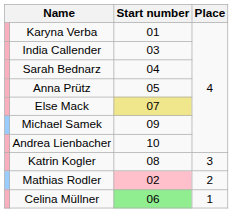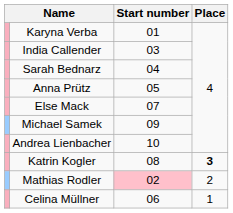 <table class="wikitable sortable" style="text-align:center">
 <tr>
 <th colspan=2>Name</th>
 <th>Start number</th>
 <th>Place</th>
 </tr>
 <tr>
 <td style="background:#faafbe"></td>
 <td>Karyna Verba</td>
 <td>01</td>
 <td rowspan=7>4</td>
 </tr>
 <tr>
 <td style="background:#faafbe"></td>
 <td>India Callender</td>
 <td>03</td>
 </tr>
 <tr>
 <td style="background:#faafbe"></td>
 <td>Sarah Bednarz</td>
 <td>04</td>
 </tr>
 <tr>
 <td style="background:#faafbe"></td>
 <td>Anna Prütz</td>
 <td>05</td>
 </tr>
 <tr>
 <td style="background:#faafbe"></td>
 <td>Else Mack</td>
-<td style="background: khaki;">07</td>
+<td>07</td>
 </tr>
 <tr>
 <td style="background:#9cf;"></td>
 <td>Michael Samek</td>
 <td>09</td>
 </tr>
 <tr>
 <td style="background:#faafbe"></td>
 <td>Andrea Lienbacher</td>
 <td>10</td>
 </tr>
 <tr>
 <td style="background:#faafbe"></td>
 <td>Katrin Kogler</td>
 <td>08</td>
-<td>3</td>
+<td><strong>3</strong></td>
 </tr>
 <tr>
 <td style="background:#9cf;"></td>
 <td>Mathias Rodler</td>
 <td style="background: pink;">02</td>
 <td>2</td>
 </tr>
 <tr>
 <td style="background:#faafbe"></td>
 <td>Celina Müllner</td>
-<td style="background: lightgreen;">06</td>
+<td>06</td>
 <td>1</td>
 </tr>
 </table>
